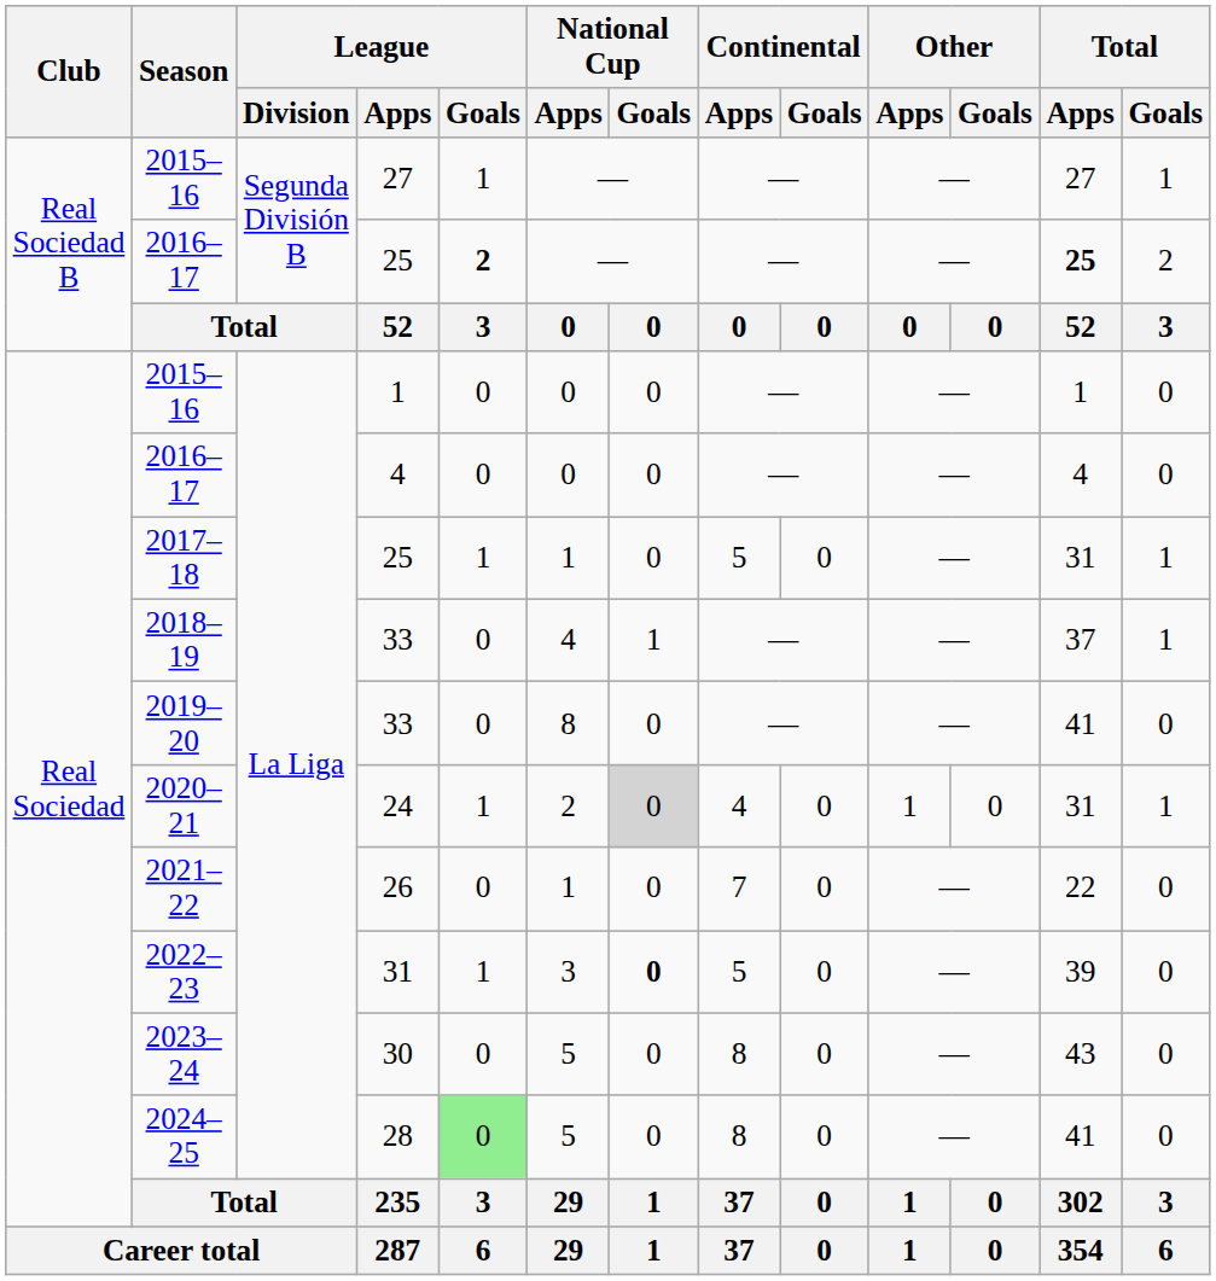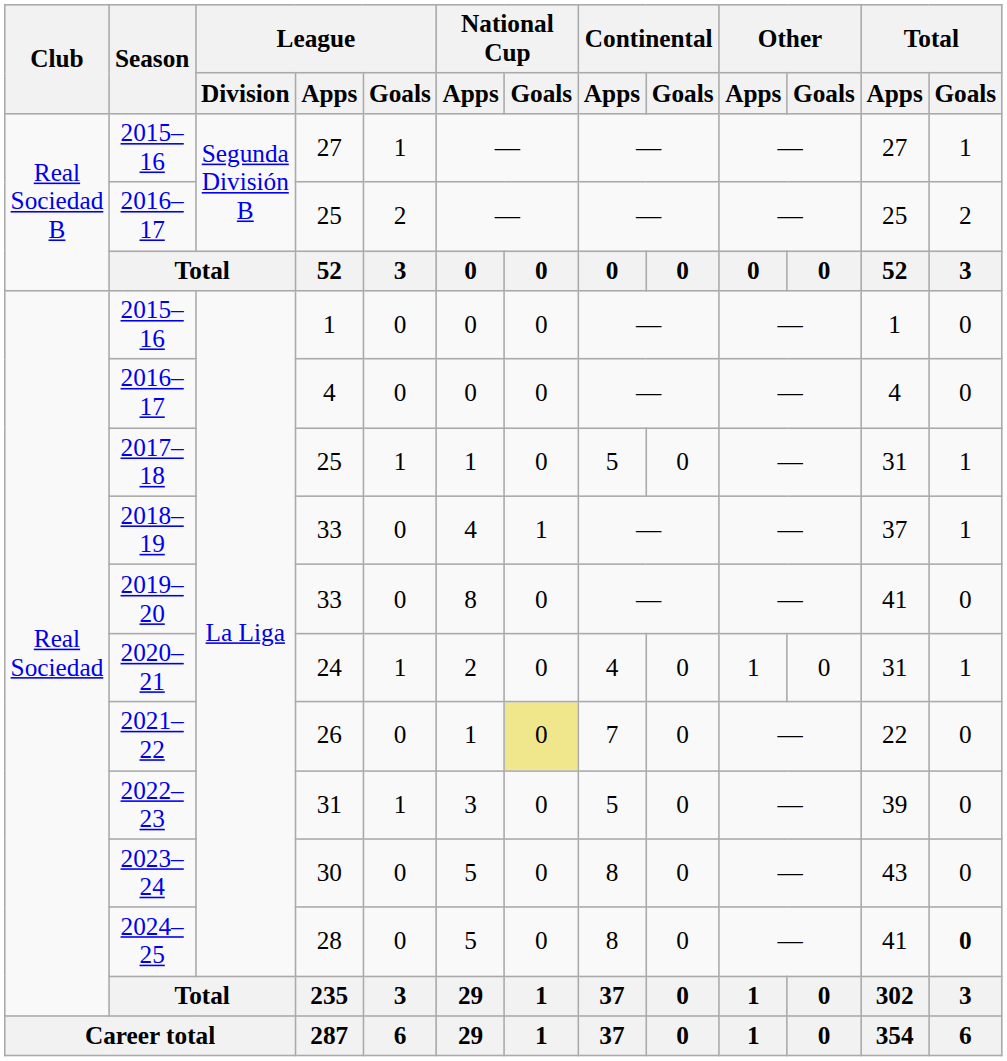 <table class="wikitable" style="text-align:center">
 <tr>
 <th rowspan="2">Club</th>
 <th rowspan="2">Season</th>
 <th colspan="3">League</th>
 <th colspan="2">National Cup</th>
 <th colspan="2">Continental</th>
 <th colspan="2">Other</th>
 <th colspan="2">Total</th>
 </tr>
 <tr>
 <th>Division</th>
 <th>Apps</th>
 <th>Goals</th>
 <th>Apps</th>
 <th>Goals</th>
 <th>Apps</th>
 <th>Goals</th>
 <th>Apps</th>
 <th>Goals</th>
 <th>Apps</th>
 <th>Goals</th>
 </tr>
 <tr>
 <td rowspan="3"><a href='#'>Real Sociedad B</a></td>
 <td><a href='#'>2015–16</a></td>
 <td rowspan="2"><a href='#'>Segunda División B</a></td>
 <td>27</td>
 <td>1</td>
 <td colspan="2">—</td>
 <td colspan="2">—</td>
 <td colspan="2">—</td>
 <td>27</td>
 <td>1</td>
 </tr>
 <tr>
 <td><a href='#'>2016–17</a></td>
 <td>25</td>
-<td><strong>2</strong></td>
+<td>2</td>
 <td colspan="2">—</td>
 <td colspan="2">—</td>
 <td colspan="2">—</td>
-<td><strong>25</strong></td>
+<td>25</td>
 <td>2</td>
 </tr>
 <tr>
 <th colspan="2">Total</th>
 <th>52</th>
 <th>3</th>
 <th>0</th>
 <th>0</th>
 <th>0</th>
 <th>0</th>
 <th>0</th>
 <th>0</th>
 <th>52</th>
 <th>3</th>
 </tr>
 <tr>
 <td rowspan="11"><a href='#'>Real Sociedad</a></td>
 <td><a href='#'>2015–16</a></td>
 <td rowspan="10"><a href='#'>La Liga</a></td>
 <td>1</td>
 <td>0</td>
 <td>0</td>
 <td>0</td>
 <td colspan="2">—</td>
 <td colspan="2">—</td>
 <td>1</td>
 <td>0</td>
 </tr>
 <tr>
 <td><a href='#'>2016–17</a></td>
 <td>4</td>
 <td>0</td>
 <td>0</td>
 <td>0</td>
 <td colspan="2">—</td>
 <td colspan="2">—</td>
 <td>4</td>
 <td>0</td>
 </tr>
 <tr>
 <td><a href='#'>2017–18</a></td>
 <td>25</td>
 <td>1</td>
 <td>1</td>
 <td>0</td>
 <td>5</td>
 <td>0</td>
 <td colspan="2">—</td>
 <td>31</td>
 <td>1</td>
 </tr>
 <tr>
 <td><a href='#'>2018–19</a></td>
 <td>33</td>
 <td>0</td>
 <td>4</td>
 <td>1</td>
 <td colspan="2">—</td>
 <td colspan="2">—</td>
 <td>37</td>
 <td>1</td>
 </tr>
 <tr>
 <td><a href='#'>2019–20</a></td>
 <td>33</td>
 <td>0</td>
 <td>8</td>
 <td>0</td>
 <td colspan="2">—</td>
 <td colspan="2">—</td>
 <td>41</td>
 <td>0</td>
 </tr>
 <tr>
 <td><a href='#'>2020–21</a></td>
 <td>24</td>
 <td>1</td>
 <td>2</td>
-<td style="background: lightgrey;">0</td>
+<td>0</td>
 <td>4</td>
 <td>0</td>
 <td>1</td>
 <td>0</td>
 <td>31</td>
 <td>1</td>
 </tr>
 <tr>
 <td><a href='#'>2021–22</a></td>
 <td>26</td>
 <td>0</td>
 <td>1</td>
-<td>0</td>
+<td style="background: khaki;">0</td>
 <td>7</td>
 <td>0</td>
 <td colspan="2">—</td>
 <td>22</td>
 <td>0</td>
 </tr>
 <tr>
 <td><a href='#'>2022–23</a></td>
 <td>31</td>
 <td>1</td>
 <td>3</td>
-<td><strong>0</strong></td>
+<td>0</td>
 <td>5</td>
 <td>0</td>
 <td colspan="2">—</td>
 <td>39</td>
 <td>0</td>
 </tr>
 <tr>
 <td><a href='#'>2023–24</a></td>
 <td>30</td>
 <td>0</td>
 <td>5</td>
 <td>0</td>
 <td>8</td>
 <td>0</td>
 <td colspan="2">—</td>
 <td>43</td>
 <td>0</td>
 </tr>
 <tr>
 <td><a href='#'>2024–25</a></td>
 <td>28</td>
-<td style="background: lightgreen;">0</td>
+<td>0</td>
 <td>5</td>
 <td>0</td>
 <td>8</td>
 <td>0</td>
 <td colspan="2">—</td>
 <td>41</td>
-<td>0</td>
+<td><strong>0</strong></td>
 </tr>
 <tr>
 <th colspan="2">Total</th>
 <th>235</th>
 <th>3</th>
 <th>29</th>
 <th>1</th>
 <th>37</th>
 <th>0</th>
 <th>1</th>
 <th>0</th>
 <th>302</th>
 <th>3</th>
 </tr>
 <tr>
 <th colspan="3">Career total</th>
 <th>287</th>
 <th>6</th>
 <th>29</th>
 <th>1</th>
 <th>37</th>
 <th>0</th>
 <th>1</th>
 <th>0</th>
 <th>354</th>
 <th>6</th>
 </tr>
 </table>
